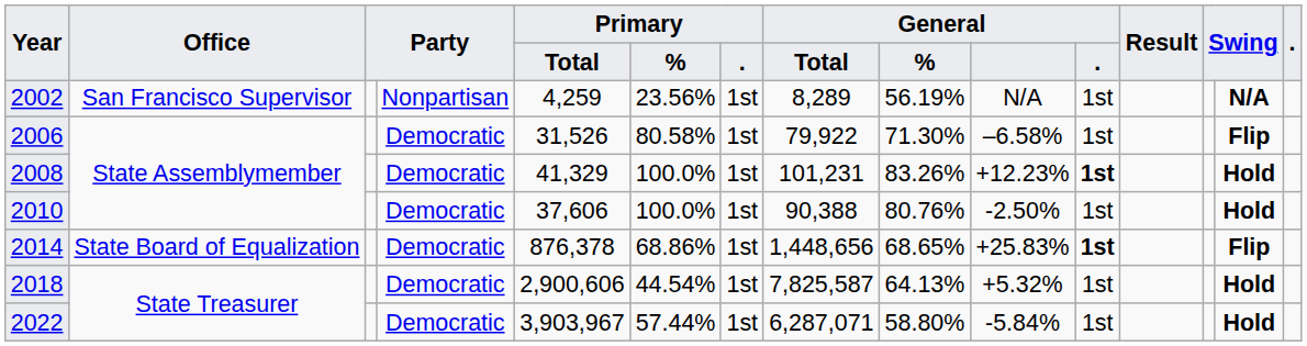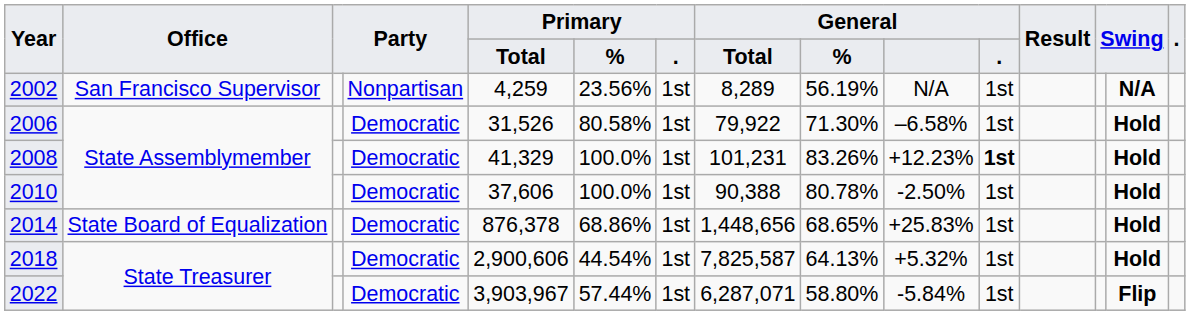 <table class="wikitable" style="font-size:90%; text-align:center;">
 <tr>
 <th style="background-color:#EAECF0;" rowspan=2>Year</th>
 <th style="background-color:#EAECF0;" rowspan=2>Office</th>
 <th style="background-color:#EAECF0;" colspan=2 rowspan=2>Party</th>
 <th style="background-color:#EAECF0;" colspan=3>Primary</th>
 <th style="background-color:#EAECF0;" colspan=4>General</th>
 <th style="background-color:#EAECF0;" rowspan=2>Result</th>
 <th style="background-color:#EAECF0;" colspan=2 rowspan=2><a href='#'>Swing</a></th>
 <th style="background-color:#EAECF0;" rowspan=2>.</th>
 </tr>
 <tr>
 <th style="background-color:#EAECF0;">Total</th>
 <th style="background-color:#EAECF0;">%</th>
 <th style="background-color:#EAECF0;">.</th>
 <th style="background-color:#EAECF0;">Total</th>
 <th style="background-color:#EAECF0;">%</th>
 <th style="background-color:#EAECF0;"></th>
 <th style="background-color:#EAECF0;">.</th>
 </tr>
 <tr>
 <td style="background-color:#EAECF0;"><a href='#'>2002</a></td>
 <td><a href='#'>San Francisco Supervisor</a></td>
 <td style="background-color:"></td>
 <td><a href='#'>Nonpartisan</a></td>
 <td>4,259</td>
 <td>23.56%</td>
 <td>1st</td>
 <td>8,289</td>
 <td>56.19%</td>
 <td>N/A</td>
 <td>1st</td>
 <td></td>
 <td style="background-color:"></td>
 <td><strong>N/A</strong></td>
 <td></td>
 </tr>
 <tr>
 <td style="background-color:#EAECF0;"><a href='#'>2006</a></td>
 <td rowspan=3><a href='#'>State Assemblymember</a></td>
 <td style="background-color:"></td>
 <td><a href='#'>Democratic</a></td>
 <td>31,526</td>
 <td>80.58%</td>
 <td>1st</td>
 <td>79,922</td>
 <td>71.30%</td>
 <td>–6.58%</td>
 <td>1st</td>
 <td></td>
 <td style="background-color:"></td>
-<td><strong>Flip</strong></td>
+<td><strong>Hold</strong></td>
 <td></td>
 </tr>
 <tr>
 <td style="background-color:#EAECF0;"><a href='#'>2008</a></td>
 <td style="background-color:"></td>
 <td><a href='#'>Democratic</a></td>
 <td>41,329</td>
 <td>100.0%</td>
 <td>1st</td>
 <td>101,231</td>
 <td>83.26%</td>
 <td>+12.23%</td>
 <td><strong>1st</strong></td>
 <td></td>
 <td style="background-color:"></td>
 <td><strong>Hold</strong></td>
 <td></td>
 </tr>
 <tr>
 <td style="background-color:#EAECF0;"><a href='#'>2010</a></td>
 <td style="background-color:"></td>
 <td><a href='#'>Democratic</a></td>
 <td>37,606</td>
 <td>100.0%</td>
 <td>1st</td>
 <td>90,388</td>
-<td>80.76%</td>
+<td>80.78%</td>
 <td>-2.50%</td>
 <td>1st</td>
 <td></td>
 <td style="background-color:"></td>
 <td><strong>Hold</strong></td>
 <td></td>
 </tr>
 <tr>
 <td style="background-color:#EAECF0;"><a href='#'>2014</a></td>
 <td><a href='#'>State Board of Equalization</a></td>
 <td style="background-color:"></td>
 <td><a href='#'>Democratic</a></td>
 <td>876,378</td>
 <td>68.86%</td>
 <td>1st</td>
 <td>1,448,656</td>
 <td>68.65%</td>
 <td>+25.83%</td>
-<td><strong>1st</strong></td>
+<td>1st</td>
 <td></td>
 <td style="background-color:"></td>
-<td><strong>Flip</strong></td>
+<td><strong>Hold</strong></td>
 <td></td>
 </tr>
 <tr>
 <td style="background-color:#EAECF0;"><a href='#'>2018</a></td>
 <td rowspan=2><a href='#'>State Treasurer</a></td>
 <td style="background-color:"></td>
 <td><a href='#'>Democratic</a></td>
 <td>2,900,606</td>
 <td>44.54%</td>
 <td>1st</td>
 <td>7,825,587</td>
 <td>64.13%</td>
 <td>+5.32%</td>
 <td>1st</td>
 <td></td>
 <td style="background-color:"></td>
 <td><strong>Hold</strong></td>
 <td></td>
 </tr>
 <tr>
 <td style="background-color:#EAECF0;" rowspan=2><a href='#'>2022</a></td>
 <td style="background-color:"></td>
 <td><a href='#'>Democratic</a></td>
 <td>3,903,967</td>
 <td>57.44%</td>
 <td>1st</td>
 <td>6,287,071</td>
 <td>58.80%</td>
 <td>-5.84%</td>
 <td>1st</td>
 <td></td>
 <td style="background-color:"></td>
-<td><strong>Hold</strong></td>
+<td><strong>Flip</strong></td>
 <td></td>
 </tr>
 </table>
